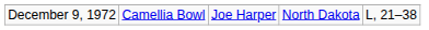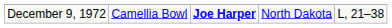 <table class="wikitable">
 <tr>
 </tr>
 <tr>
 <td>December 9, 1972</td>
 <td><a href='#'>Camellia Bowl</a></td>
-<td><a href='#'>Joe Harper</a></td>
+<td><strong><a href='#'>Joe Harper</a></strong></td>
 <td><a href='#'>North Dakota</a></td>
 <td>L, 21–38</td>
 </tr>
 </table>
